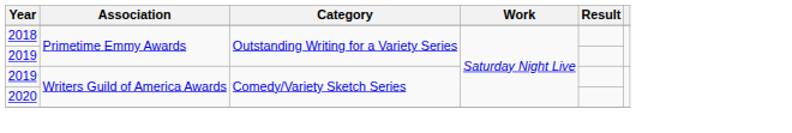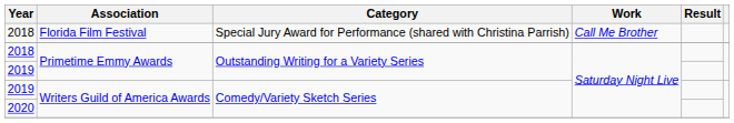 <table class="wikitable">
 <tr>
 <th>Year</th>
 <th>Association</th>
 <th>Category</th>
 <th>Work</th>
 <th>Result</th>
 <th></th>
+</tr>
+<tr>
+<td>2018</td>
+<td><a href='#'>Florida Film Festival</a></td>
+<td>Special Jury Award for Performance (shared with Christina Parrish)</td>
+<td><em><a href='#'>Call Me Brother</a></em></td>
+<td></td>
+<td></td>
 </tr>
 <tr>
 </tr>
 <tr>
 <td><a href='#'>2018</a></td>
 <td rowspan=2><a href='#'>Primetime Emmy Awards</a></td>
 <td rowspan=2><a href='#'>Outstanding Writing for a Variety Series</a></td>
 <td rowspan=4><em><a href='#'>Saturday Night Live</a></em></td>
 <td></td>
 <td rowspan=2></td>
 </tr>
 <tr>
 <td><a href='#'>2019</a></td>
 <td></td>
 </tr>
 <tr>
 <td><a href='#'>2019</a></td>
 <td rowspan=2><a href='#'>Writers Guild of America Awards</a></td>
 <td rowspan=2><a href='#'>Comedy/Variety Sketch Series</a></td>
 <td></td>
 <td rowspan=2></td>
 </tr>
 <tr>
 <td><a href='#'>2020</a></td>
 <td></td>
 </tr>
 <tr>
 </tr>
 </table>
